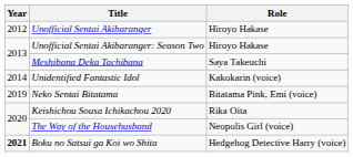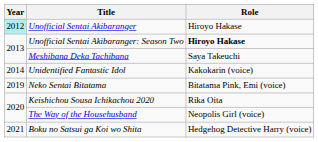 <table class="wikitable" style="font-size: 90%;">
 <tr>
 <th>Year</th>
 <th>Title</th>
 <th>Role</th>
 </tr>
 <tr>
-<td>2012</td>
+<td style="background: paleturquoise;">2012</td>
 <td><em><a href='#'>Unofficial Sentai Akibaranger</a></em></td>
 <td>Hiroyo Hakase</td>
 </tr>
 <tr>
 <td rowspan="2">2013</td>
 <td><em>Unofficial Sentai Akibaranger: Season Two</em></td>
-<td>Hiroyo Hakase</td>
+<td><strong>Hiroyo Hakase</strong></td>
 </tr>
 <tr>
 <td><em><a href='#'>Meshibana Deka Tachibana</a></em></td>
 <td>Saya Takeuchi</td>
 </tr>
 <tr>
 <td>2014</td>
 <td><em>Unidentified Fantastic Idol</em></td>
 <td>Kakokarin (voice)</td>
 </tr>
 <tr>
 <td>2019</td>
 <td><em>Neko Sentai Bitatama</em></td>
 <td>Bitatama Pink, Emi (voice)</td>
 </tr>
 <tr>
 <td rowspan="2">2020</td>
 <td><em>Keishichou Sousa Ichikachou 2020</em></td>
 <td>Rika Oita</td>
 </tr>
 <tr>
 <td><em><a href='#'>The Way of the Househusband</a></em></td>
 <td>Neopolis Girl (voice)</td>
 </tr>
 <tr>
-<td><strong>2021</strong></td>
+<td>2021</td>
 <td><em>Boku no Satsui ga Koi wo Shita</em></td>
 <td>Hedgehog Detective Harry (voice)</td>
 </tr>
 </table>
